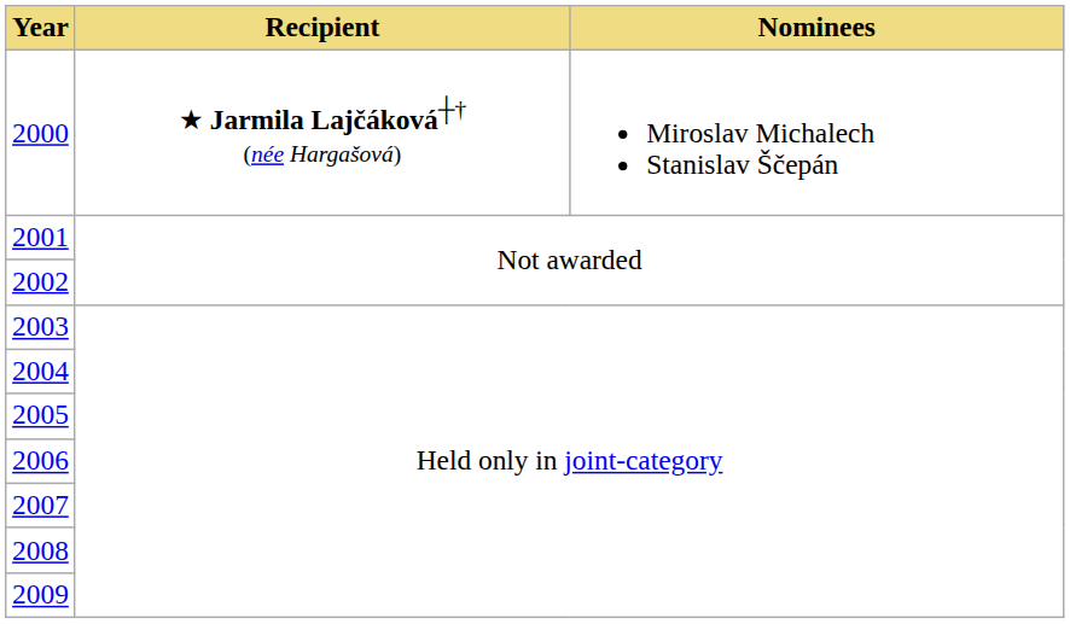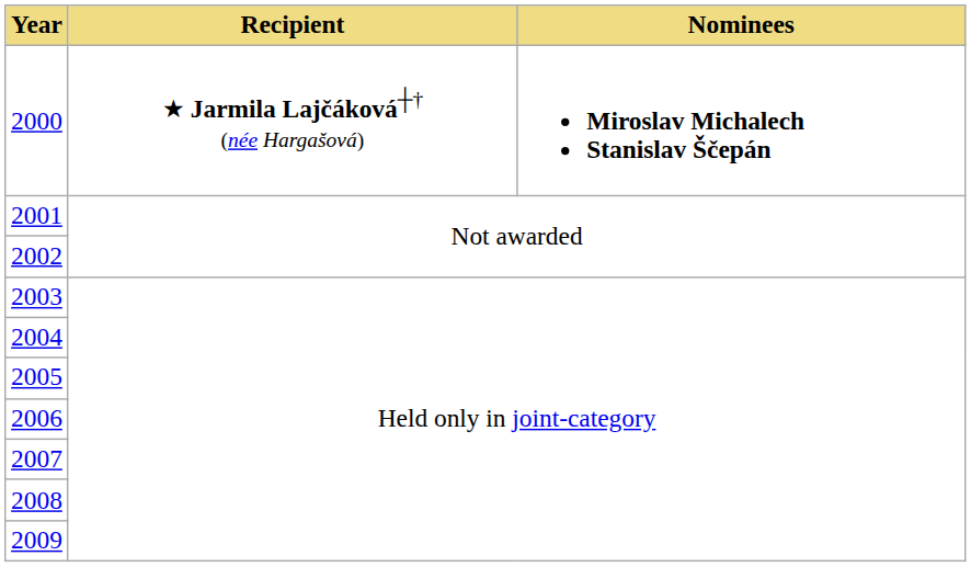 <table class=wikitable sortable style="background:white">
 <tr>
 <th style=background:#F0DC82>Year</th>
 <th style=background:#F0DC82 width=273>Recipient</th>
 <th style=background:#F0DC82 width=273>Nominees</th>
 </tr>
 <tr>
 <td><a href='#'>2000</a></td>
 <td align=center>★ <strong>Jarmila Lajčáková</strong><sup>┼†</sup> <br><small>(<em><a href='#'>née</a> Hargašová</em>)</small></td>
-<td><br><ul><li>Miroslav Michalech</li><li>Stanislav Ščepán</li></ul></td>
+<td><strong><br><ul><li>Miroslav Michalech</li><li>Stanislav Ščepán</li></ul></strong></td>
 </tr>
 <tr>
 <td><a href='#'>2001</a></td>
 <td align=center rowspan=2 colspan=2>Not awarded</td>
 </tr>
 <tr>
 <td><a href='#'>2002</a></td>
 </tr>
 <tr>
 <td><a href='#'>2003</a></td>
 <td align=center rowspan=7 colspan=2>Held only in <a href='#'>joint-category</a></td>
 </tr>
 <tr>
 <td><a href='#'>2004</a></td>
 </tr>
 <tr>
 <td><a href='#'>2005</a></td>
 </tr>
 <tr>
 <td><a href='#'>2006</a></td>
 </tr>
 <tr>
 <td><a href='#'>2007</a></td>
 </tr>
 <tr>
 <td><a href='#'>2008</a></td>
 </tr>
 <tr>
 <td><a href='#'>2009</a></td>
 </tr>
 </table>
